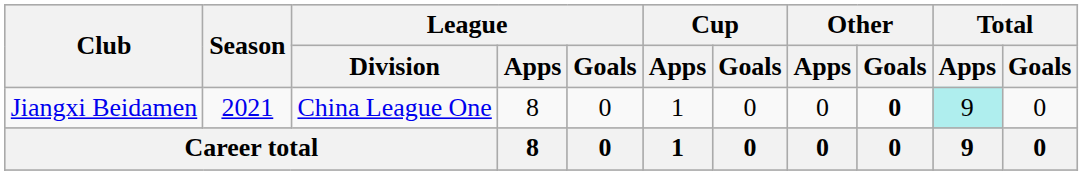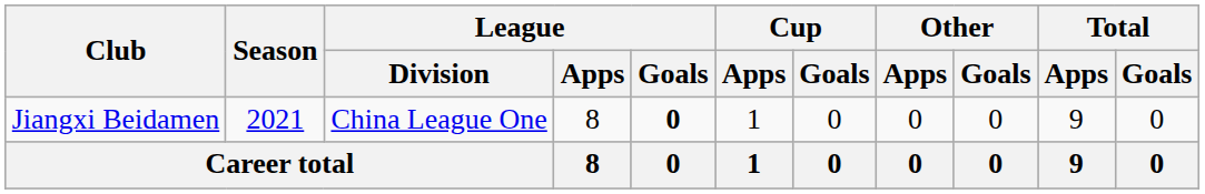 <table class="wikitable" style="text-align: center">
 <tr>
 <th rowspan="2">Club</th>
 <th rowspan="2">Season</th>
 <th colspan="3">League</th>
 <th colspan="2">Cup</th>
 <th colspan="2">Other</th>
 <th colspan="2">Total</th>
 </tr>
 <tr>
 <th>Division</th>
 <th>Apps</th>
 <th>Goals</th>
 <th>Apps</th>
 <th>Goals</th>
 <th>Apps</th>
 <th>Goals</th>
 <th>Apps</th>
 <th>Goals</th>
 </tr>
 <tr>
 <td><a href='#'>Jiangxi Beidamen</a></td>
 <td><a href='#'>2021</a></td>
 <td><a href='#'>China League One</a></td>
 <td>8</td>
-<td>0</td>
+<td><strong>0</strong></td>
 <td>1</td>
 <td>0</td>
 <td>0</td>
-<td><strong>0</strong></td>
-<td style="background: paleturquoise;">9</td>
+<td>0</td>
+<td>9</td>
 <td>0</td>
 </tr>
 <tr>
 <th colspan=3>Career total</th>
 <th>8</th>
 <th>0</th>
 <th>1</th>
 <th>0</th>
 <th>0</th>
 <th>0</th>
 <th>9</th>
 <th>0</th>
 </tr>
 </table>
